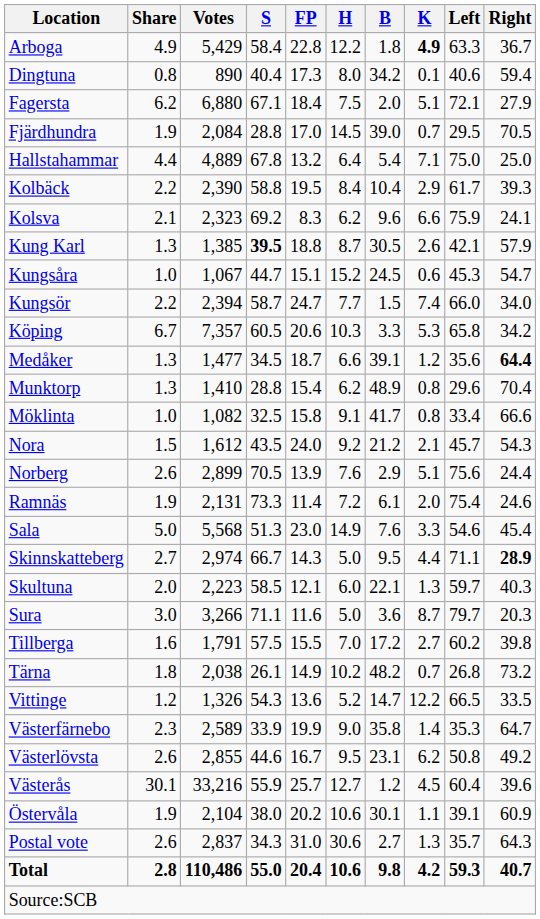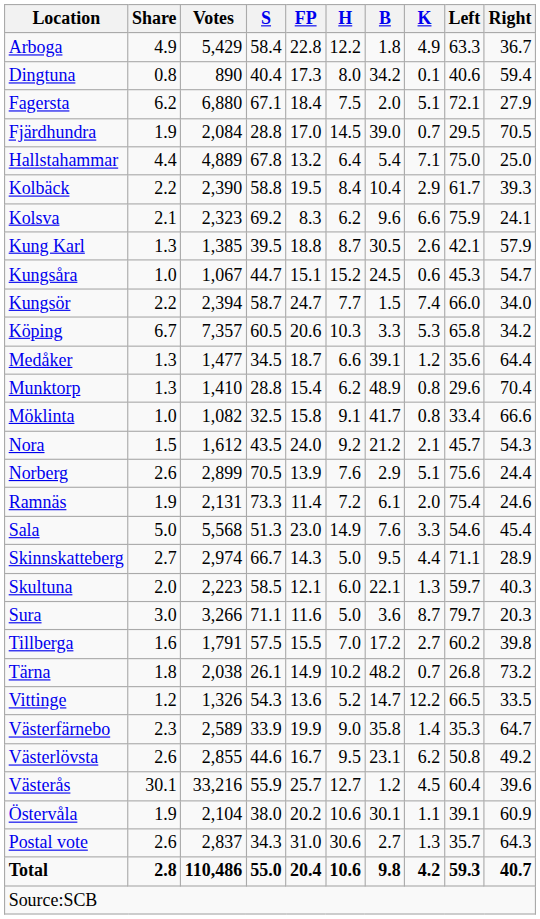 <table class="wikitable sortable" style=text-align:right>
 <tr>
 <th>Location</th>
 <th>Share</th>
 <th>Votes</th>
 <th><a href='#'>S</a></th>
 <th><a href='#'>FP</a></th>
 <th><a href='#'>H</a></th>
 <th><a href='#'>B</a></th>
 <th><a href='#'>K</a></th>
 <th>Left</th>
 <th>Right</th>
 </tr>
 <tr>
 <td align=left><a href='#'>Arboga</a></td>
 <td>4.9</td>
 <td>5,429</td>
 <td>58.4</td>
 <td>22.8</td>
 <td>12.2</td>
 <td>1.8</td>
-<td><strong>4.9</strong></td>
+<td>4.9</td>
 <td>63.3</td>
 <td>36.7</td>
 </tr>
 <tr>
 <td align=left><a href='#'>Dingtuna</a></td>
 <td>0.8</td>
 <td>890</td>
 <td>40.4</td>
 <td>17.3</td>
 <td>8.0</td>
 <td>34.2</td>
 <td>0.1</td>
 <td>40.6</td>
 <td>59.4</td>
 </tr>
 <tr>
 <td align=left><a href='#'>Fagersta</a></td>
 <td>6.2</td>
 <td>6,880</td>
 <td>67.1</td>
 <td>18.4</td>
 <td>7.5</td>
 <td>2.0</td>
 <td>5.1</td>
 <td>72.1</td>
 <td>27.9</td>
 </tr>
 <tr>
 <td align=left><a href='#'>Fjärdhundra</a></td>
 <td>1.9</td>
 <td>2,084</td>
 <td>28.8</td>
 <td>17.0</td>
 <td>14.5</td>
 <td>39.0</td>
 <td>0.7</td>
 <td>29.5</td>
 <td>70.5</td>
 </tr>
 <tr>
 <td align=left><a href='#'>Hallstahammar</a></td>
 <td>4.4</td>
 <td>4,889</td>
 <td>67.8</td>
 <td>13.2</td>
 <td>6.4</td>
 <td>5.4</td>
 <td>7.1</td>
 <td>75.0</td>
 <td>25.0</td>
 </tr>
 <tr>
 <td align=left><a href='#'>Kolbäck</a></td>
 <td>2.2</td>
 <td>2,390</td>
 <td>58.8</td>
 <td>19.5</td>
 <td>8.4</td>
 <td>10.4</td>
 <td>2.9</td>
 <td>61.7</td>
 <td>39.3</td>
 </tr>
 <tr>
 <td align=left><a href='#'>Kolsva</a></td>
 <td>2.1</td>
 <td>2,323</td>
 <td>69.2</td>
 <td>8.3</td>
 <td>6.2</td>
 <td>9.6</td>
 <td>6.6</td>
 <td>75.9</td>
 <td>24.1</td>
 </tr>
 <tr>
 <td align=left><a href='#'>Kung Karl</a></td>
 <td>1.3</td>
 <td>1,385</td>
-<td><strong>39.5</strong></td>
+<td>39.5</td>
 <td>18.8</td>
 <td>8.7</td>
 <td>30.5</td>
 <td>2.6</td>
 <td>42.1</td>
 <td>57.9</td>
 </tr>
 <tr>
 <td align=left><a href='#'>Kungsåra</a></td>
 <td>1.0</td>
 <td>1,067</td>
 <td>44.7</td>
 <td>15.1</td>
 <td>15.2</td>
 <td>24.5</td>
 <td>0.6</td>
 <td>45.3</td>
 <td>54.7</td>
 </tr>
 <tr>
 <td align=left><a href='#'>Kungsör</a></td>
 <td>2.2</td>
 <td>2,394</td>
 <td>58.7</td>
 <td>24.7</td>
 <td>7.7</td>
 <td>1.5</td>
 <td>7.4</td>
 <td>66.0</td>
 <td>34.0</td>
 </tr>
 <tr>
 <td align=left><a href='#'>Köping</a></td>
 <td>6.7</td>
 <td>7,357</td>
 <td>60.5</td>
 <td>20.6</td>
 <td>10.3</td>
 <td>3.3</td>
 <td>5.3</td>
 <td>65.8</td>
 <td>34.2</td>
 </tr>
 <tr>
 <td align=left><a href='#'>Medåker</a></td>
 <td>1.3</td>
 <td>1,477</td>
 <td>34.5</td>
 <td>18.7</td>
 <td>6.6</td>
 <td>39.1</td>
 <td>1.2</td>
 <td>35.6</td>
-<td><strong>64.4</strong></td>
+<td>64.4</td>
 </tr>
 <tr>
 <td align=left><a href='#'>Munktorp</a></td>
 <td>1.3</td>
 <td>1,410</td>
 <td>28.8</td>
 <td>15.4</td>
 <td>6.2</td>
 <td>48.9</td>
 <td>0.8</td>
 <td>29.6</td>
 <td>70.4</td>
 </tr>
 <tr>
 <td align=left><a href='#'>Möklinta</a></td>
 <td>1.0</td>
 <td>1,082</td>
 <td>32.5</td>
 <td>15.8</td>
 <td>9.1</td>
 <td>41.7</td>
 <td>0.8</td>
 <td>33.4</td>
 <td>66.6</td>
 </tr>
 <tr>
 <td align=left><a href='#'>Nora</a></td>
 <td>1.5</td>
 <td>1,612</td>
 <td>43.5</td>
 <td>24.0</td>
 <td>9.2</td>
 <td>21.2</td>
 <td>2.1</td>
 <td>45.7</td>
 <td>54.3</td>
 </tr>
 <tr>
 <td align=left><a href='#'>Norberg</a></td>
 <td>2.6</td>
 <td>2,899</td>
 <td>70.5</td>
 <td>13.9</td>
 <td>7.6</td>
 <td>2.9</td>
 <td>5.1</td>
 <td>75.6</td>
 <td>24.4</td>
 </tr>
 <tr>
 <td align=left><a href='#'>Ramnäs</a></td>
 <td>1.9</td>
 <td>2,131</td>
 <td>73.3</td>
 <td>11.4</td>
 <td>7.2</td>
 <td>6.1</td>
 <td>2.0</td>
 <td>75.4</td>
 <td>24.6</td>
 </tr>
 <tr>
 <td align=left><a href='#'>Sala</a></td>
 <td>5.0</td>
 <td>5,568</td>
 <td>51.3</td>
 <td>23.0</td>
 <td>14.9</td>
 <td>7.6</td>
 <td>3.3</td>
 <td>54.6</td>
 <td>45.4</td>
 </tr>
 <tr>
 <td align=left><a href='#'>Skinnskatteberg</a></td>
 <td>2.7</td>
 <td>2,974</td>
 <td>66.7</td>
 <td>14.3</td>
 <td>5.0</td>
 <td>9.5</td>
 <td>4.4</td>
 <td>71.1</td>
-<td><strong>28.9</strong></td>
+<td>28.9</td>
 </tr>
 <tr>
 <td align=left><a href='#'>Skultuna</a></td>
 <td>2.0</td>
 <td>2,223</td>
 <td>58.5</td>
 <td>12.1</td>
 <td>6.0</td>
 <td>22.1</td>
 <td>1.3</td>
 <td>59.7</td>
 <td>40.3</td>
 </tr>
 <tr>
 <td align=left><a href='#'>Sura</a></td>
 <td>3.0</td>
 <td>3,266</td>
 <td>71.1</td>
 <td>11.6</td>
 <td>5.0</td>
 <td>3.6</td>
 <td>8.7</td>
 <td>79.7</td>
 <td>20.3</td>
 </tr>
 <tr>
 <td align=left><a href='#'>Tillberga</a></td>
 <td>1.6</td>
 <td>1,791</td>
 <td>57.5</td>
 <td>15.5</td>
 <td>7.0</td>
 <td>17.2</td>
 <td>2.7</td>
 <td>60.2</td>
 <td>39.8</td>
 </tr>
 <tr>
 <td align=left><a href='#'>Tärna</a></td>
 <td>1.8</td>
 <td>2,038</td>
 <td>26.1</td>
 <td>14.9</td>
 <td>10.2</td>
 <td>48.2</td>
 <td>0.7</td>
 <td>26.8</td>
 <td>73.2</td>
 </tr>
 <tr>
 <td align=left><a href='#'>Vittinge</a></td>
 <td>1.2</td>
 <td>1,326</td>
 <td>54.3</td>
 <td>13.6</td>
 <td>5.2</td>
 <td>14.7</td>
 <td>12.2</td>
 <td>66.5</td>
 <td>33.5</td>
 </tr>
 <tr>
 <td align=left><a href='#'>Västerfärnebo</a></td>
 <td>2.3</td>
 <td>2,589</td>
 <td>33.9</td>
 <td>19.9</td>
 <td>9.0</td>
 <td>35.8</td>
 <td>1.4</td>
 <td>35.3</td>
 <td>64.7</td>
 </tr>
 <tr>
 <td align=left><a href='#'>Västerlövsta</a></td>
 <td>2.6</td>
 <td>2,855</td>
 <td>44.6</td>
 <td>16.7</td>
 <td>9.5</td>
 <td>23.1</td>
 <td>6.2</td>
 <td>50.8</td>
 <td>49.2</td>
 </tr>
 <tr>
 <td align=left><a href='#'>Västerås</a></td>
 <td>30.1</td>
 <td>33,216</td>
 <td>55.9</td>
 <td>25.7</td>
 <td>12.7</td>
 <td>1.2</td>
 <td>4.5</td>
 <td>60.4</td>
 <td>39.6</td>
 </tr>
 <tr>
 <td align=left><a href='#'>Östervåla</a></td>
 <td>1.9</td>
 <td>2,104</td>
 <td>38.0</td>
 <td>20.2</td>
 <td>10.6</td>
 <td>30.1</td>
 <td>1.1</td>
 <td>39.1</td>
 <td>60.9</td>
 </tr>
 <tr>
 <td align=left><a href='#'>Postal vote</a></td>
 <td>2.6</td>
 <td>2,837</td>
 <td>34.3</td>
 <td>31.0</td>
 <td>30.6</td>
 <td>2.7</td>
 <td>1.3</td>
 <td>35.7</td>
 <td>64.3</td>
 </tr>
 <tr>
 <td align=left><strong>Total</strong></td>
 <td><strong>2.8</strong></td>
 <td><strong>110,486</strong></td>
 <td><strong>55.0</strong></td>
 <td><strong>20.4</strong></td>
 <td><strong>10.6</strong></td>
 <td><strong>9.8</strong></td>
 <td><strong>4.2</strong></td>
 <td><strong>59.3</strong></td>
 <td><strong>40.7</strong></td>
 </tr>
 <tr>
 <td align=left colspan=10>Source:SCB </td>
 </tr>
 </table>
